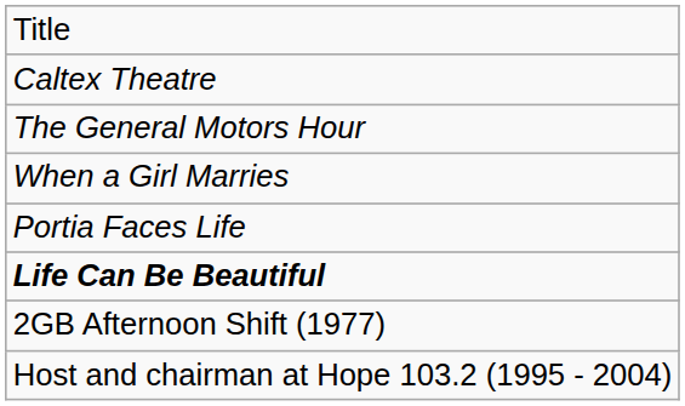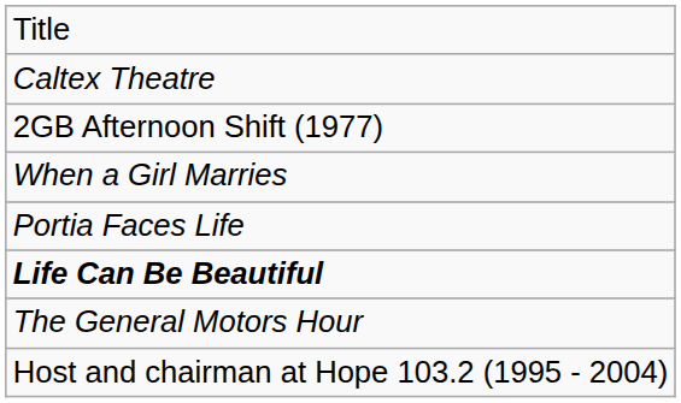 <table class="wikitable">
 <tr>
 <td>Title</td>
 </tr>
 <tr>
 <td><em>Caltex Theatre</em></td>
 </tr>
 <tr>
-<td><em>The General Motors Hour</em></td>
+<td>2GB Afternoon Shift (1977)</td>
 </tr>
 <tr>
 <td><em>When a Girl Marries</em></td>
 </tr>
 <tr>
 <td><em>Portia Faces Life</em></td>
 </tr>
 <tr>
 <td><strong><em>Life Can Be Beautiful</em></strong></td>
 </tr>
 <tr>
-<td>2GB Afternoon Shift (1977)</td>
+<td><em>The General Motors Hour</em></td>
 </tr>
 <tr>
 <td>Host and chairman at Hope 103.2 (1995 - 2004)</td>
 </tr>
 </table>
